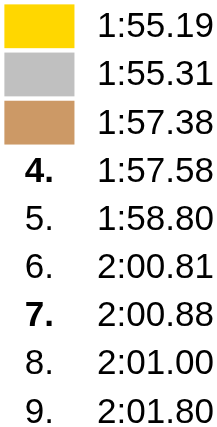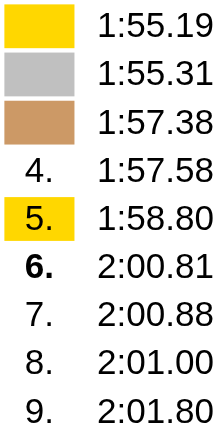 <table style="text-align:center">
 <tr>
 <td width=30 bgcolor=gold></td>
 <td align=left></td>
 <td width=60>1:55.19</td>
 </tr>
 <tr>
 <td bgcolor=silver></td>
 <td align=left></td>
 <td>1:55.31</td>
 </tr>
 <tr>
 <td bgcolor=cc9966></td>
 <td align=left></td>
 <td>1:57.38</td>
 </tr>
 <tr>
-<td><strong>4.</strong></td>
+<td>4.</td>
 <td align=left></td>
 <td>1:57.58</td>
 </tr>
 <tr>
-<td>5.</td>
+<td style="background: gold;">5.</td>
 <td align=left></td>
 <td>1:58.80</td>
 </tr>
 <tr>
-<td>6.</td>
+<td><strong>6.</strong></td>
 <td align=left></td>
 <td>2:00.81</td>
 </tr>
 <tr>
-<td><strong>7.</strong></td>
+<td>7.</td>
 <td align=left></td>
 <td>2:00.88</td>
 </tr>
 <tr>
 <td>8.</td>
 <td align=left></td>
 <td>2:01.00</td>
 </tr>
 <tr>
 <td>9.</td>
 <td align=left></td>
 <td>2:01.80</td>
 </tr>
 </table>
